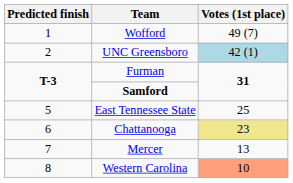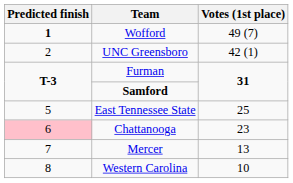 <table class="wikitable" border="1">
 <tr align=center>
 <th>Predicted finish</th>
 <th>Team</th>
 <th>Votes (1st place)</th>
 </tr>
 <tr align="center">
-<td>1</td>
+<td><strong>1</strong></td>
 <td><a href='#'>Wofford</a></td>
 <td>49 (7)</td>
 </tr>
 <tr align="center">
 <td>2</td>
 <td><a href='#'>UNC Greensboro</a></td>
-<td style="background: lightblue;">42 (1)</td>
+<td>42 (1)</td>
 </tr>
 <tr align="center">
 <td rowspan=2><strong>T-3</strong></td>
 <td><a href='#'>Furman</a></td>
 <td rowspan=2><strong>31</strong></td>
 </tr>
 <tr align="center">
 <td><strong>Samford</strong></td>
 </tr>
 <tr align="center">
 <td>5</td>
 <td><a href='#'>East Tennessee State</a></td>
 <td>25</td>
 </tr>
 <tr align="center">
-<td>6</td>
+<td style="background: pink;">6</td>
 <td><a href='#'>Chattanooga</a></td>
-<td style="background: khaki;">23</td>
+<td>23</td>
 </tr>
 <tr align="center">
 <td>7</td>
 <td><a href='#'>Mercer</a></td>
 <td>13</td>
 </tr>
 <tr align="center">
 <td>8</td>
 <td><a href='#'>Western Carolina</a></td>
-<td style="background: lightsalmon;">10</td>
+<td>10</td>
 </tr>
 </table>
